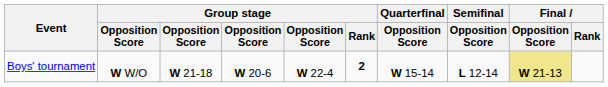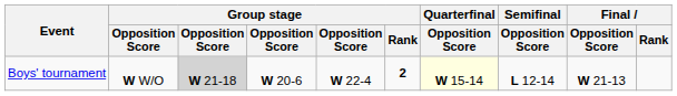 <table class="wikitable" style="font-size:90%">
 <tr>
 <th rowspan=2>Event</th>
 <th colspan=5>Group stage</th>
 <th>Quarterfinal</th>
 <th>Semifinal</th>
 <th colspan=2>Final / </th>
 </tr>
 <tr style="font-size:95%">
 <th>Opposition<br>Score</th>
 <th>Opposition<br>Score</th>
 <th>Opposition<br>Score</th>
 <th>Opposition<br>Score</th>
 <th>Rank</th>
 <th>Opposition<br>Score</th>
 <th>Opposition<br>Score</th>
 <th>Opposition<br>Score</th>
 <th>Rank</th>
 </tr>
 <tr align=center>
 <td align=left><a href='#'>Boys' tournament</a></td>
 <td><br> <strong>W</strong> W/O</td>
-<td><br> <strong>W</strong> 21-18</td>
+<td style="background: lightgrey;"><br> <strong>W</strong> 21-18</td>
 <td><br> <strong>W</strong> 20-6</td>
 <td><br> <strong>W</strong> 22-4</td>
 <td><strong>2</strong></td>
-<td><br> <strong>W</strong> 15-14</td>
+<td style="background: lightyellow;"><br> <strong>W</strong> 15-14</td>
 <td><br> <strong>L</strong> 12-14</td>
-<td style="background: khaki;"><br> <strong>W</strong> 21-13</td>
+<td><br> <strong>W</strong> 21-13</td>
 <td></td>
 </tr>
 </table>
